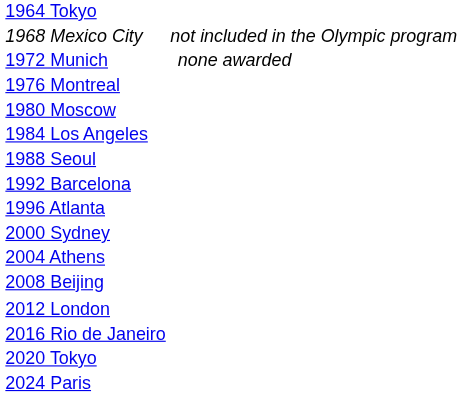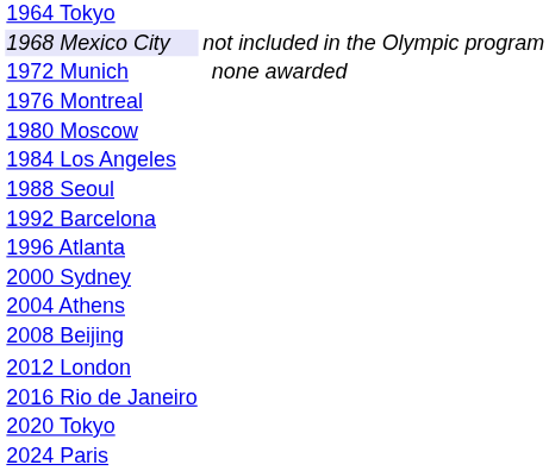 <table>
 <tr valign="top">
 <td rowspan=2><a href='#'>1964 Tokyo</a><br></td>
 <td rowspan=2></td>
 <td rowspan=2></td>
 <td></td>
 </tr>
 <tr>
 <td></td>
 </tr>
 <tr>
-<td><em>1968 Mexico City</em></td>
+<td style="background: lavender;"><em>1968 Mexico City</em></td>
 <td colspan=3 align=center><em>not included in the Olympic program</em></td>
 </tr>
 <tr valign="top">
 <td rowspan=2><a href='#'>1972 Munich</a><br></td>
 <td rowspan=2></td>
 <td rowspan=2><em>none awarded</em></td>
 <td></td>
 </tr>
 <tr>
 <td></td>
 </tr>
 <tr valign="top">
 <td rowspan=2><a href='#'>1976 Montreal</a><br></td>
 <td rowspan=2></td>
 <td rowspan=2></td>
 <td></td>
 </tr>
 <tr>
 <td></td>
 </tr>
 <tr valign="top">
 <td rowspan=2><a href='#'>1980 Moscow</a><br></td>
 <td rowspan=2></td>
 <td rowspan=2></td>
 <td></td>
 </tr>
 <tr>
 <td></td>
 </tr>
 <tr valign="top">
 <td rowspan=2><a href='#'>1984 Los Angeles</a><br></td>
 <td rowspan=2></td>
 <td rowspan=2></td>
 <td></td>
 </tr>
 <tr>
 <td></td>
 </tr>
 <tr valign="top">
 <td rowspan=2><a href='#'>1988 Seoul</a><br></td>
 <td rowspan=2></td>
 <td rowspan=2></td>
 <td></td>
 </tr>
 <tr>
 <td></td>
 </tr>
 <tr valign="top">
 <td rowspan=2><a href='#'>1992 Barcelona</a><br></td>
 <td rowspan=2></td>
 <td rowspan=2></td>
 <td></td>
 </tr>
 <tr>
 <td></td>
 </tr>
 <tr valign="top">
 <td rowspan=2><a href='#'>1996 Atlanta</a><br></td>
 <td rowspan=2></td>
 <td rowspan=2></td>
 <td></td>
 </tr>
 <tr>
 <td></td>
 </tr>
 <tr valign="top">
 <td rowspan=2><a href='#'>2000 Sydney</a><br></td>
 <td rowspan=2></td>
 <td rowspan=2></td>
 <td></td>
 </tr>
 <tr>
 <td></td>
 </tr>
 <tr valign="top">
 <td rowspan=2><a href='#'>2004 Athens</a><br></td>
 <td rowspan=2></td>
 <td rowspan=2></td>
 <td></td>
 </tr>
 <tr>
 <td></td>
 </tr>
 <tr valign="top">
 <td rowspan=2><a href='#'>2008 Beijing</a><br></td>
 <td rowspan=2></td>
 <td rowspan=2></td>
 <td></td>
 </tr>
 <tr>
 <td></td>
 </tr>
 <tr>
 </tr>
 <tr valign="top">
 <td rowspan=2><a href='#'>2012 London</a><br></td>
 <td rowspan=2></td>
 <td rowspan=2></td>
 <td></td>
 </tr>
 <tr>
 <td></td>
 </tr>
 <tr valign="top">
 <td rowspan=2><a href='#'>2016 Rio de Janeiro</a><br></td>
 <td rowspan=2></td>
 <td rowspan=2></td>
 <td></td>
 </tr>
 <tr>
 <td></td>
 </tr>
 <tr valign="top">
 <td rowspan=2><a href='#'>2020 Tokyo</a><br></td>
 <td rowspan=2></td>
 <td rowspan=2></td>
 <td></td>
 </tr>
 <tr>
 <td></td>
 </tr>
 <tr valign="top">
 <td rowspan=2><a href='#'>2024 Paris</a><br></td>
 <td rowspan=2></td>
 <td rowspan=2></td>
 <td></td>
 </tr>
 <tr>
 <td></td>
 </tr>
 <tr>
 </tr>
 </table>
